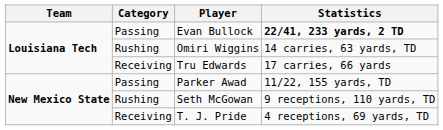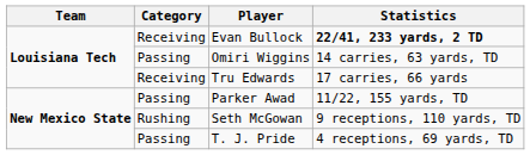 <table class="wikitable" style="float: right;">
 <tr>
 <th>Team</th>
 <th>Category</th>
 <th>Player</th>
 <th>Statistics</th>
 </tr>
 <tr>
 <td rowspan=3><strong>Louisiana Tech</strong></td>
-<td>Passing</td>
+<td>Receiving</td>
 <td>Evan Bullock</td>
 <td><strong>22/41, 233 yards, 2 TD</strong></td>
 </tr>
 <tr>
-<td>Rushing</td>
+<td>Passing</td>
 <td>Omiri Wiggins</td>
 <td>14 carries, 63 yards, TD</td>
 </tr>
 <tr>
 <td>Receiving</td>
 <td>Tru Edwards</td>
 <td>17 carries, 66 yards</td>
 </tr>
 <tr>
 <td rowspan=3><strong>New Mexico State</strong></td>
 <td>Passing</td>
 <td>Parker Awad</td>
 <td>11/22, 155 yards, TD</td>
 </tr>
 <tr>
 <td>Rushing</td>
 <td>Seth McGowan</td>
 <td>9 receptions, 110 yards, TD</td>
 </tr>
 <tr>
-<td>Receiving</td>
+<td>Passing</td>
 <td>T. J. Pride</td>
 <td>4 receptions, 69 yards, TD</td>
 </tr>
 </table>
